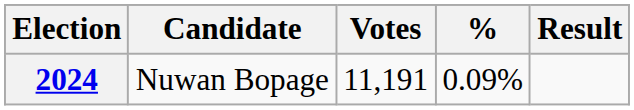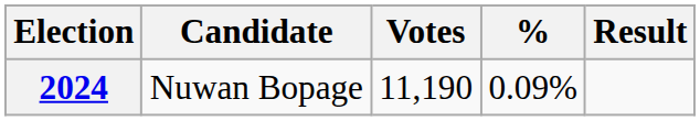 <table class="wikitable">
 <tr>
 <th style="background-color:">Election</th>
 <th style="background-color:">Candidate</th>
 <th style="background-color:">Votes</th>
 <th style="background-color:">%</th>
 <th style="background-color:">Result</th>
 </tr>
 <tr>
 <th><a href='#'>2024</a></th>
 <td>Nuwan Bopage</td>
-<td align="center">11,191</td>
+<td align="center">11,190</td>
 <td align="center">0.09%</td>
 <td></td>
 </tr>
 </table>
